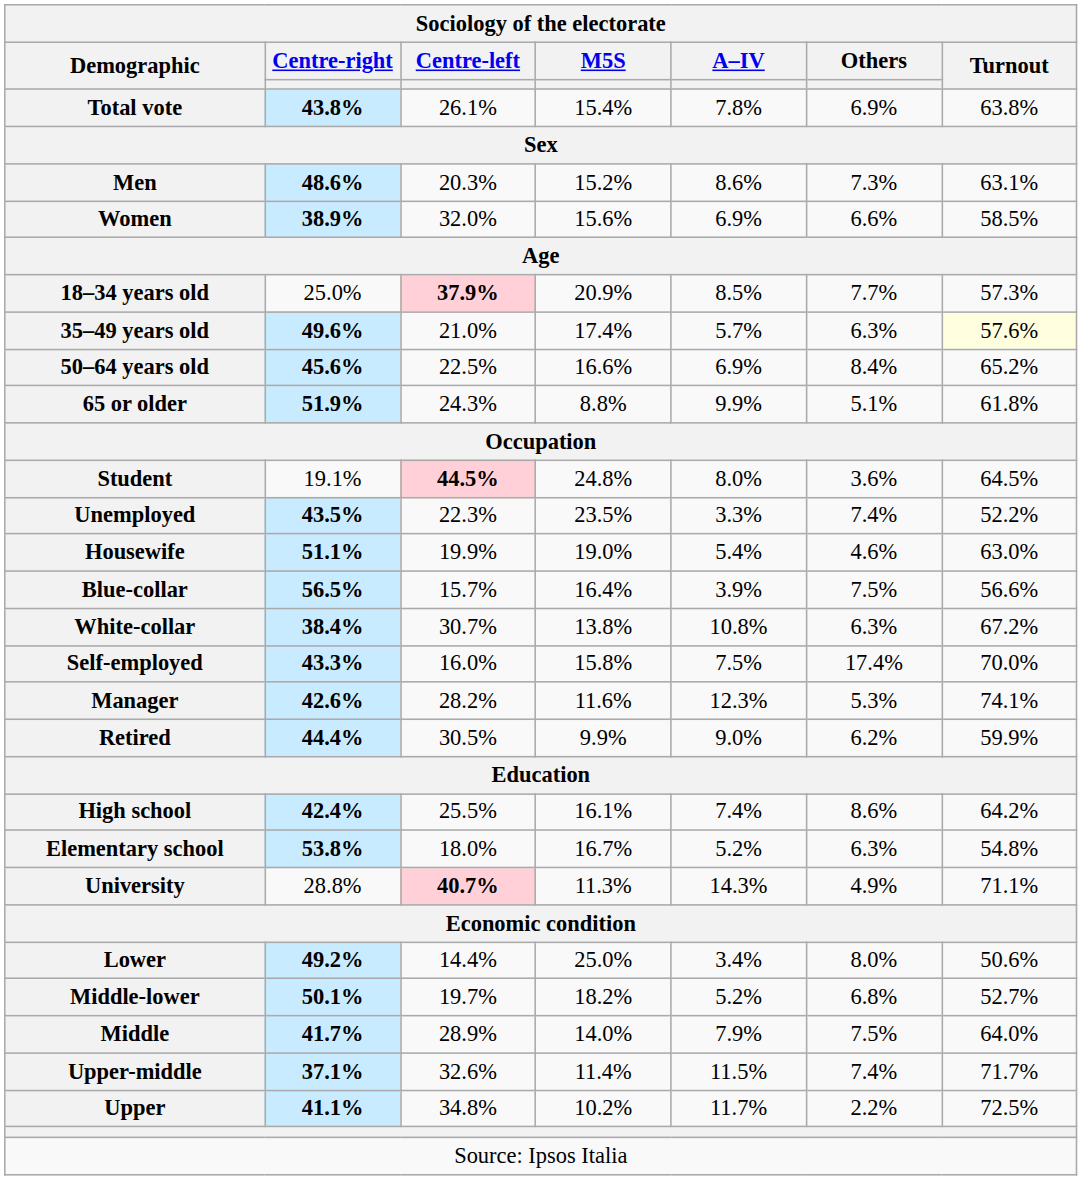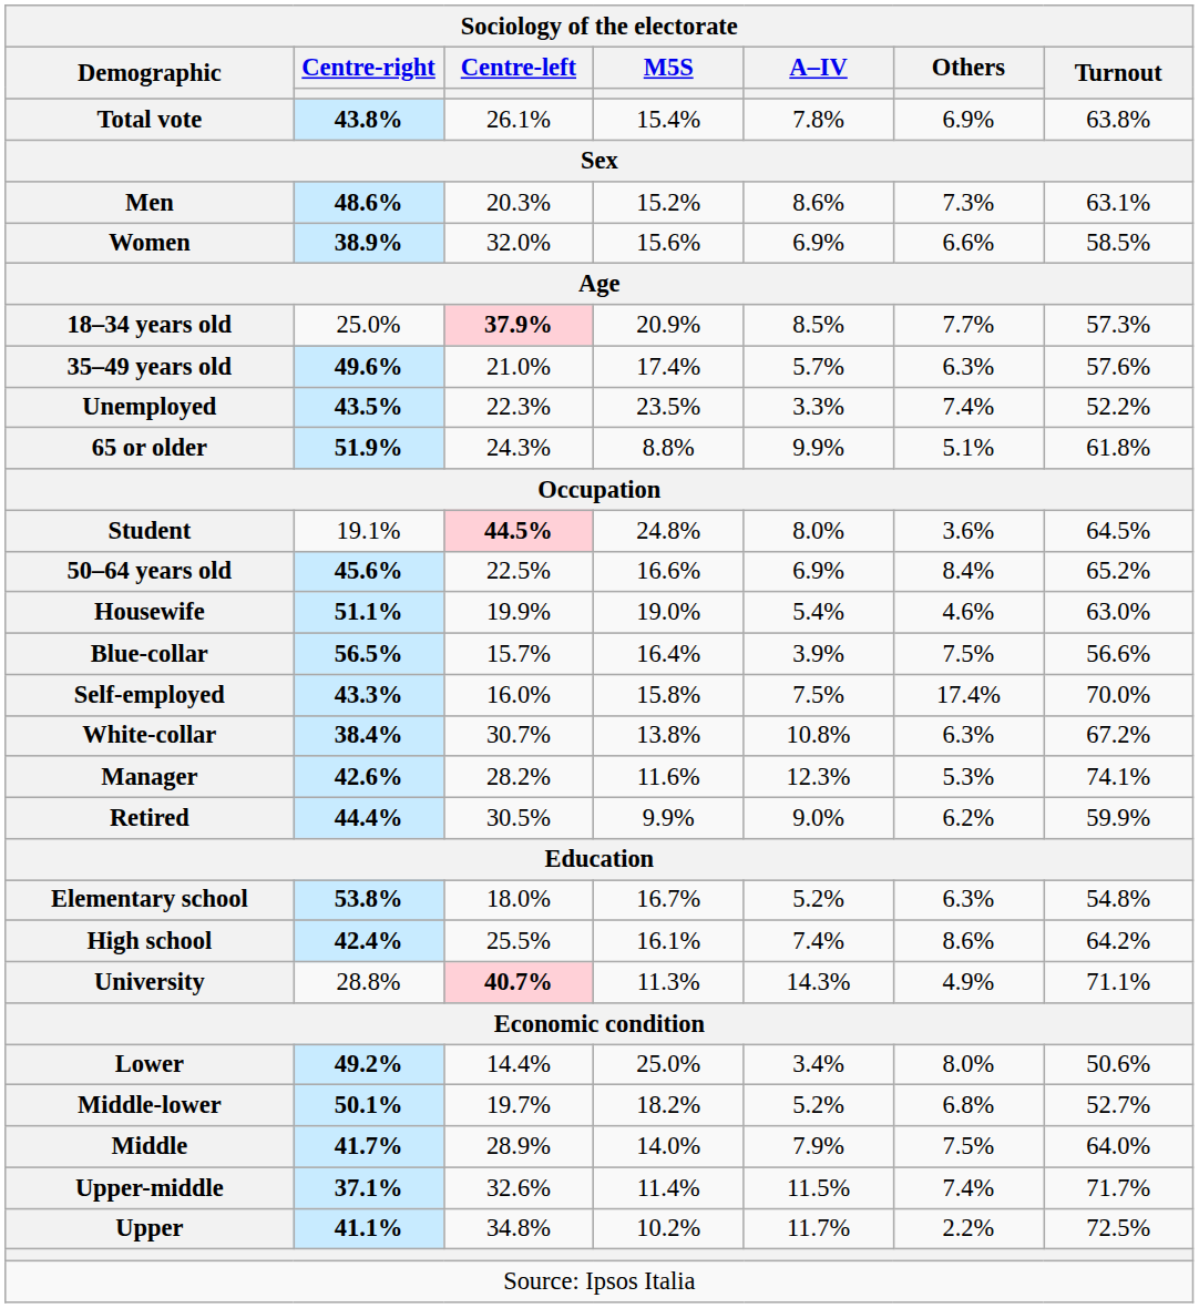 <table class="wikitable" style="font-size:90%;text-align:center;">
 <tr>
 <th colspan="7">Sociology of the electorate</th>
 </tr>
 <tr>
 <th scope="col" rowspan="2" class="unsortable" style="width:160px;">Demographic</th>
 <th scope="col" style="width:80px;"><a href='#'>Centre-right</a></th>
 <th scope="col" style="width:80px;"><a href='#'>Centre-left</a></th>
 <th scope="col" style="width:80px;"><a href='#'>M5S</a></th>
 <th scope="col" style="width:80px;"><a href='#'>A–IV</a></th>
 <th scope="col" style="width:80px;">Others</th>
 <th scope="col" rowspan="2" style="width:80px;">Turnout</th>
 </tr>
 <tr>
 <th style="background:"></th>
 <th style="background:"></th>
 <th style="background:"></th>
 <th style="background:"></th>
 <th style="background:"></th>
 </tr>
 <tr>
 <th>Total vote</th>
 <td style="background:#C8EBFF"><strong>43.8%</strong></td>
 <td>26.1%</td>
 <td>15.4%</td>
 <td>7.8%</td>
 <td>6.9%</td>
 <td>63.8%</td>
 </tr>
 <tr>
 <th colspan="7">Sex</th>
 </tr>
 <tr>
 <th>Men</th>
 <td style="background:#C8EBFF"><strong>48.6%</strong></td>
 <td>20.3%</td>
 <td>15.2%</td>
 <td>8.6%</td>
 <td>7.3%</td>
 <td>63.1%</td>
 </tr>
 <tr>
 <th>Women</th>
 <td style="background:#C8EBFF"><strong>38.9%</strong></td>
 <td>32.0%</td>
 <td>15.6%</td>
 <td>6.9%</td>
 <td>6.6%</td>
 <td>58.5%</td>
 </tr>
 <tr>
 <th colspan="7">Age</th>
 </tr>
 <tr>
 <th>18–34 years old</th>
 <td>25.0%</td>
 <td style="background:#FFD0D7"><strong>37.9%</strong></td>
 <td>20.9%</td>
 <td>8.5%</td>
 <td>7.7%</td>
 <td>57.3%</td>
 </tr>
 <tr>
 <th>35–49 years old</th>
 <td style="background:#C8EBFF"><strong>49.6%</strong></td>
 <td>21.0%</td>
 <td>17.4%</td>
 <td>5.7%</td>
 <td>6.3%</td>
-<td style="background: lightyellow;">57.6%</td>
+<td>57.6%</td>
 </tr>
 <tr>
-<th>50–64 years old</th>
-<td style="background:#C8EBFF"><strong>45.6%</strong></td>
-<td>22.5%</td>
-<td>16.6%</td>
-<td>6.9%</td>
-<td>8.4%</td>
-<td>65.2%</td>
+<th>Unemployed</th>
+<td style="background:#C8EBFF"><strong>43.5%</strong></td>
+<td>22.3%</td>
+<td>23.5%</td>
+<td>3.3%</td>
+<td>7.4%</td>
+<td>52.2%</td>
 </tr>
 <tr>
 <th>65 or older</th>
 <td style="background:#C8EBFF"><strong>51.9%</strong></td>
 <td>24.3%</td>
 <td>8.8%</td>
 <td>9.9%</td>
 <td>5.1%</td>
 <td>61.8%</td>
 </tr>
 <tr>
 <th colspan="7">Occupation</th>
 </tr>
 <tr>
 <th>Student</th>
 <td>19.1%</td>
 <td style="background:#FFD0D7"><strong>44.5%</strong></td>
 <td>24.8%</td>
 <td>8.0%</td>
 <td>3.6%</td>
 <td>64.5%</td>
 </tr>
 <tr>
-<th>Unemployed</th>
-<td style="background:#C8EBFF"><strong>43.5%</strong></td>
-<td>22.3%</td>
-<td>23.5%</td>
-<td>3.3%</td>
-<td>7.4%</td>
-<td>52.2%</td>
+<th>50–64 years old</th>
+<td style="background:#C8EBFF"><strong>45.6%</strong></td>
+<td>22.5%</td>
+<td>16.6%</td>
+<td>6.9%</td>
+<td>8.4%</td>
+<td>65.2%</td>
 </tr>
 <tr>
 <th>Housewife</th>
 <td style="background:#C8EBFF"><strong>51.1%</strong></td>
 <td>19.9%</td>
 <td>19.0%</td>
 <td>5.4%</td>
 <td>4.6%</td>
 <td>63.0%</td>
 </tr>
 <tr>
 <th>Blue-collar</th>
 <td style="background:#C8EBFF"><strong>56.5%</strong></td>
 <td>15.7%</td>
 <td>16.4%</td>
 <td>3.9%</td>
 <td>7.5%</td>
 <td>56.6%</td>
 </tr>
 <tr>
+<th>Self-employed</th>
+<td style="background:#C8EBFF"><strong>43.3%</strong></td>
+<td>16.0%</td>
+<td>15.8%</td>
+<td>7.5%</td>
+<td>17.4%</td>
+<td>70.0%</td>
+</tr>
+<tr>
 <th>White-collar</th>
 <td style="background:#C8EBFF"><strong>38.4%</strong></td>
 <td>30.7%</td>
 <td>13.8%</td>
 <td>10.8%</td>
 <td>6.3%</td>
 <td>67.2%</td>
-</tr>
-<tr>
-<th>Self-employed</th>
-<td style="background:#C8EBFF"><strong>43.3%</strong></td>
-<td>16.0%</td>
-<td>15.8%</td>
-<td>7.5%</td>
-<td>17.4%</td>
-<td>70.0%</td>
 </tr>
 <tr>
 <th>Manager</th>
 <td style="background:#C8EBFF"><strong>42.6%</strong></td>
 <td>28.2%</td>
 <td>11.6%</td>
 <td>12.3%</td>
 <td>5.3%</td>
 <td>74.1%</td>
 </tr>
 <tr>
 <th>Retired</th>
 <td style="background:#C8EBFF"><strong>44.4%</strong></td>
 <td>30.5%</td>
 <td>9.9%</td>
 <td>9.0%</td>
 <td>6.2%</td>
 <td>59.9%</td>
 </tr>
 <tr>
 <th colspan="7">Education</th>
 </tr>
 <tr>
+<th>Elementary school</th>
+<td style="background:#C8EBFF"><strong>53.8%</strong></td>
+<td>18.0%</td>
+<td>16.7%</td>
+<td>5.2%</td>
+<td>6.3%</td>
+<td>54.8%</td>
+</tr>
+<tr>
 <th>High school</th>
 <td style="background:#C8EBFF"><strong>42.4%</strong></td>
 <td>25.5%</td>
 <td>16.1%</td>
 <td>7.4%</td>
 <td>8.6%</td>
 <td>64.2%</td>
-</tr>
-<tr>
-<th>Elementary school</th>
-<td style="background:#C8EBFF"><strong>53.8%</strong></td>
-<td>18.0%</td>
-<td>16.7%</td>
-<td>5.2%</td>
-<td>6.3%</td>
-<td>54.8%</td>
 </tr>
 <tr>
 <th>University</th>
 <td>28.8%</td>
 <td style="background:#FFD0D7"><strong>40.7%</strong></td>
 <td>11.3%</td>
 <td>14.3%</td>
 <td>4.9%</td>
 <td>71.1%</td>
 </tr>
 <tr>
 <th colspan="7">Economic condition</th>
 </tr>
 <tr>
 <th>Lower</th>
 <td style="background:#C8EBFF"><strong>49.2%</strong></td>
 <td>14.4%</td>
 <td>25.0%</td>
 <td>3.4%</td>
 <td>8.0%</td>
 <td>50.6%</td>
 </tr>
 <tr>
 <th>Middle-lower</th>
 <td style="background:#C8EBFF"><strong>50.1%</strong></td>
 <td>19.7%</td>
 <td>18.2%</td>
 <td>5.2%</td>
 <td>6.8%</td>
 <td>52.7%</td>
 </tr>
 <tr>
 <th>Middle</th>
 <td style="background:#C8EBFF"><strong>41.7%</strong></td>
 <td>28.9%</td>
 <td>14.0%</td>
 <td>7.9%</td>
 <td>7.5%</td>
 <td>64.0%</td>
 </tr>
 <tr>
 <th>Upper-middle</th>
 <td style="background:#C8EBFF"><strong>37.1%</strong></td>
 <td>32.6%</td>
 <td>11.4%</td>
 <td>11.5%</td>
 <td>7.4%</td>
 <td>71.7%</td>
 </tr>
 <tr>
 <th>Upper</th>
 <td style="background:#C8EBFF"><strong>41.1%</strong></td>
 <td>34.8%</td>
 <td>10.2%</td>
 <td>11.7%</td>
 <td>2.2%</td>
 <td>72.5%</td>
 </tr>
 <tr>
 <th colspan="7"></th>
 </tr>
 <tr>
 <td colspan="7">Source: Ipsos Italia</td>
 </tr>
 </table>
